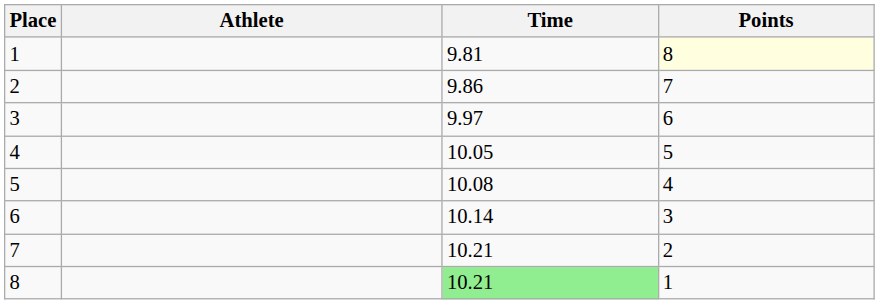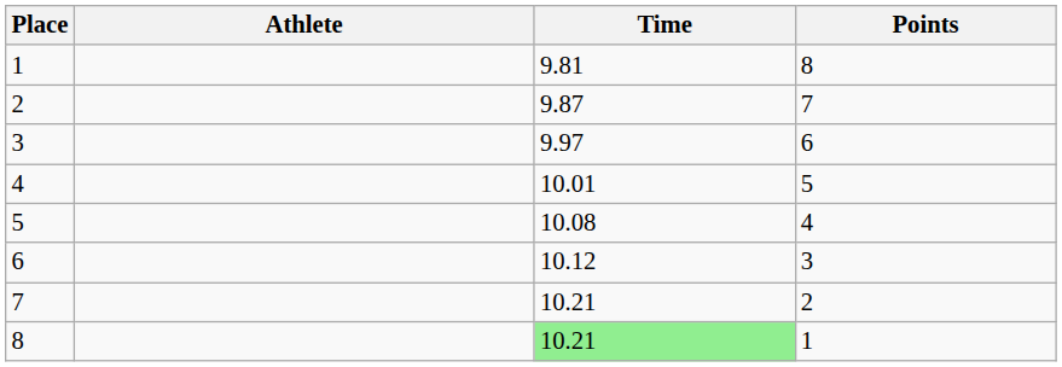 <table class=wikitable>
 <tr>
 <th>Place</th>
 <th style="width:18em">Athlete</th>
 <th style="width:10em">Time</th>
 <th style="width:10em">Points</th>
 </tr>
 <tr>
 <td>1</td>
 <td></td>
 <td>9.81 </td>
-<td style="background: lightyellow;">8</td>
+<td>8</td>
 </tr>
 <tr>
 <td>2</td>
 <td></td>
-<td>9.86</td>
+<td>9.87</td>
 <td>7</td>
 </tr>
 <tr>
 <td>3</td>
 <td></td>
 <td>9.97</td>
 <td>6</td>
 </tr>
 <tr>
 <td>4</td>
 <td></td>
-<td>10.05</td>
+<td>10.01</td>
 <td>5</td>
 </tr>
 <tr>
 <td>5</td>
 <td></td>
 <td>10.08</td>
 <td>4</td>
 </tr>
 <tr>
 <td>6</td>
 <td></td>
-<td>10.14</td>
+<td>10.12</td>
 <td>3</td>
 </tr>
 <tr>
 <td>7</td>
 <td></td>
 <td>10.21</td>
 <td>2</td>
 </tr>
 <tr>
 <td>8</td>
 <td></td>
 <td style="background: lightgreen;">10.21</td>
 <td>1</td>
 </tr>
 </table>
